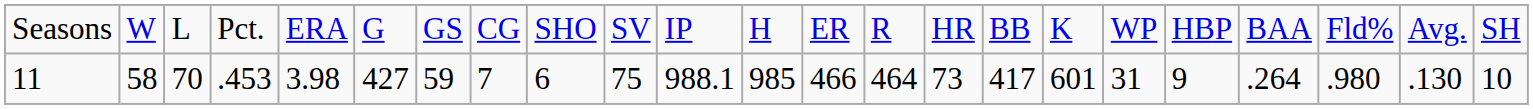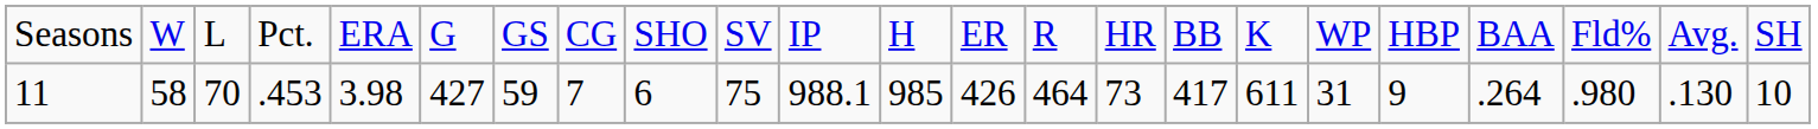 <table class="wikitable">
 <tr>
 <td>Seasons</td>
 <td><a href='#'>W</a></td>
 <td>L</td>
 <td>Pct.</td>
 <td><a href='#'>ERA</a></td>
 <td><a href='#'>G</a></td>
 <td><a href='#'>GS</a></td>
 <td><a href='#'>CG</a></td>
 <td><a href='#'>SHO</a></td>
 <td><a href='#'>SV</a></td>
 <td><a href='#'>IP</a></td>
 <td><a href='#'>H</a></td>
 <td><a href='#'>ER</a></td>
 <td><a href='#'>R</a></td>
 <td><a href='#'>HR</a></td>
 <td><a href='#'>BB</a></td>
 <td><a href='#'>K</a></td>
 <td><a href='#'>WP</a></td>
 <td><a href='#'>HBP</a></td>
 <td><a href='#'>BAA</a></td>
 <td><a href='#'>Fld%</a></td>
 <td><a href='#'>Avg.</a></td>
 <td><a href='#'>SH</a></td>
 </tr>
 <tr>
 <td>11</td>
 <td>58</td>
 <td>70</td>
 <td>.453</td>
 <td>3.98</td>
 <td>427</td>
 <td>59</td>
 <td>7</td>
 <td>6</td>
 <td>75</td>
 <td>988.1</td>
 <td>985</td>
-<td>466</td>
+<td>426</td>
 <td>464</td>
 <td>73</td>
 <td>417</td>
-<td>601</td>
+<td>611</td>
 <td>31</td>
 <td>9</td>
 <td>.264</td>
 <td>.980</td>
 <td>.130</td>
 <td>10</td>
 </tr>
 </table>
